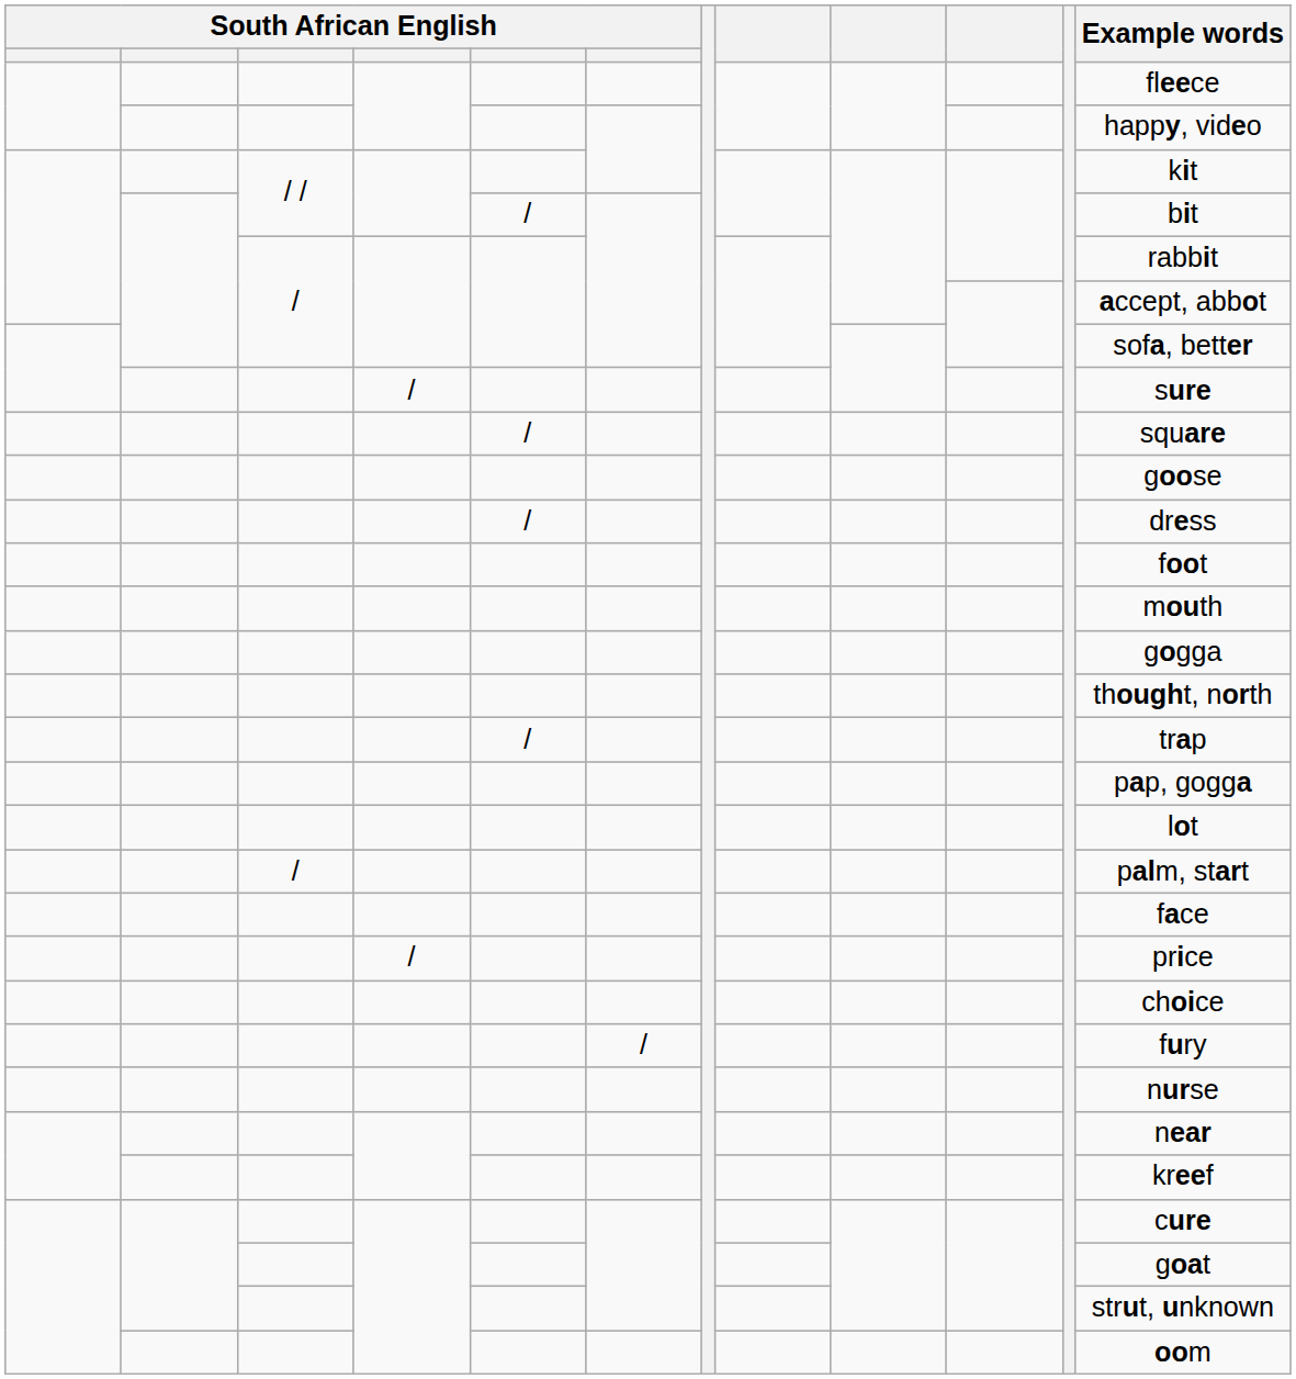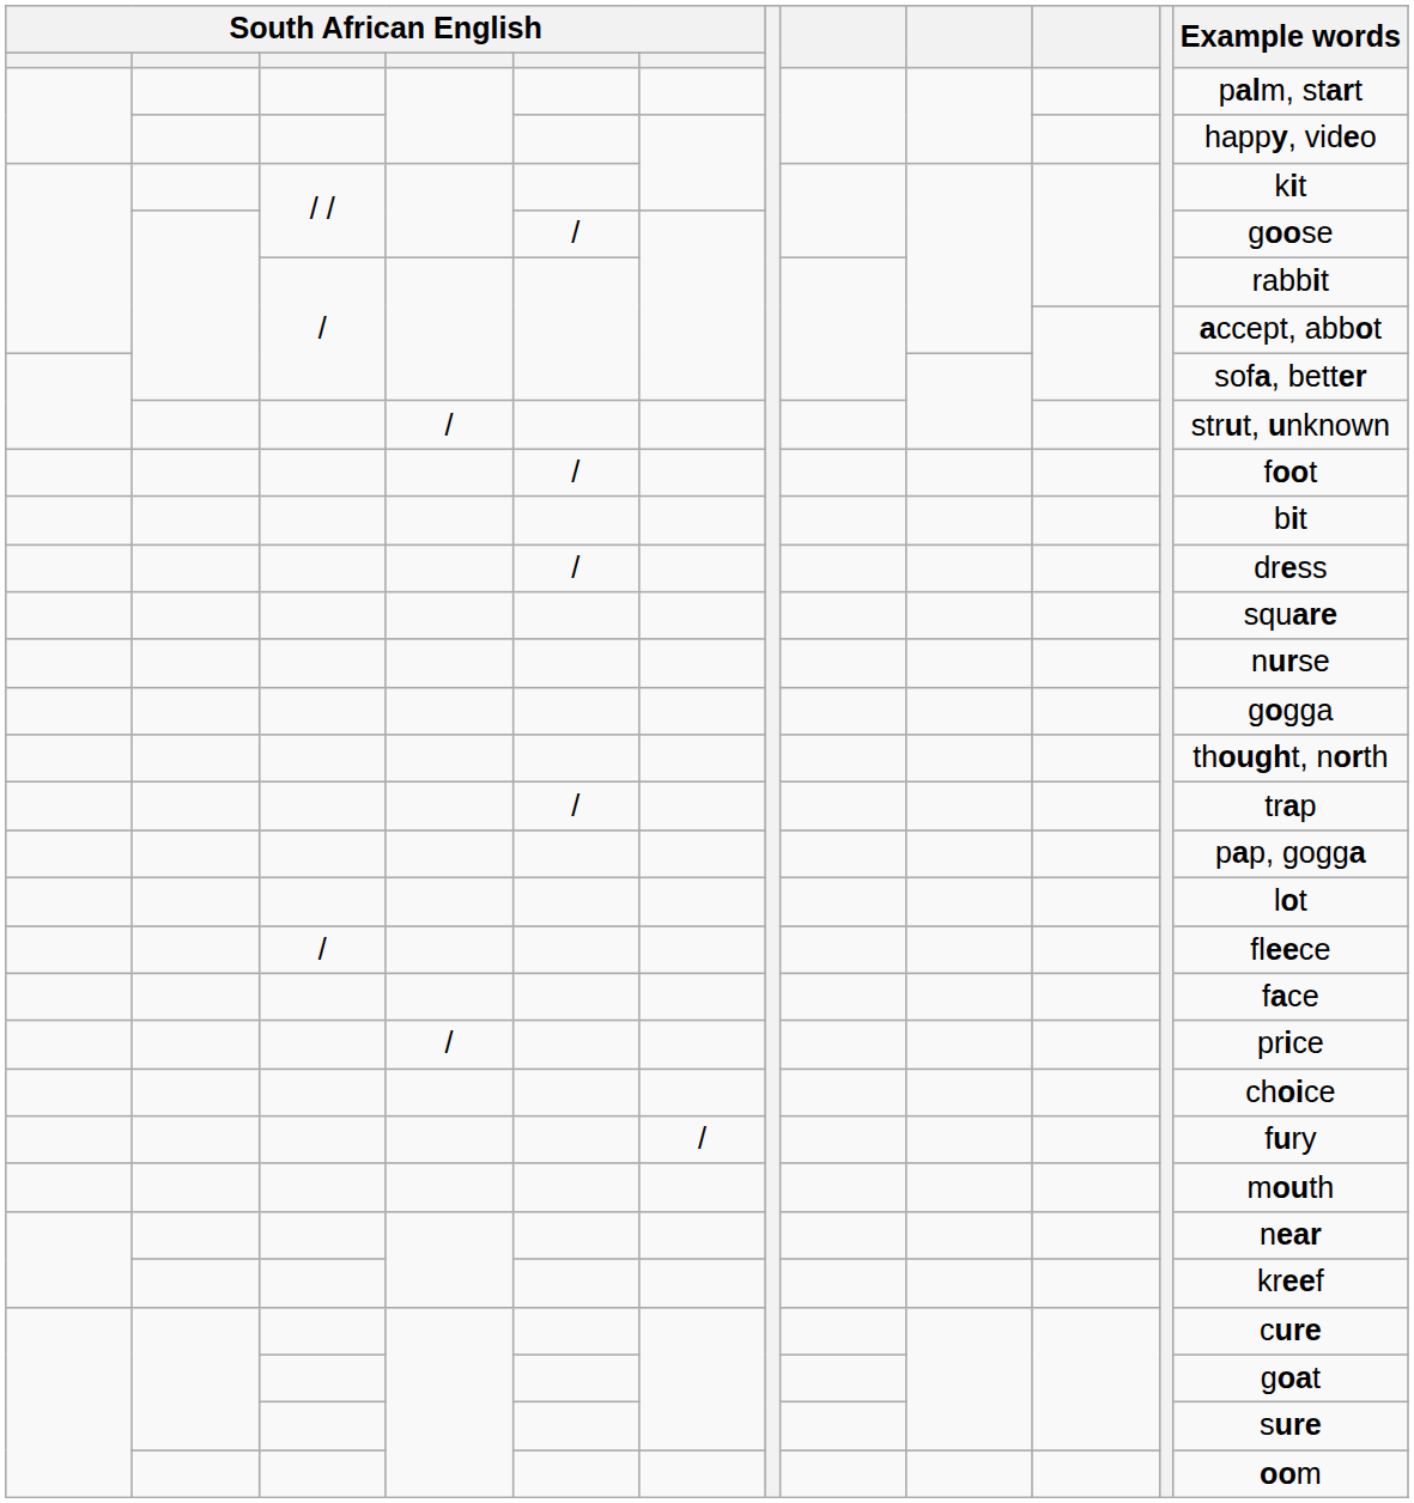 <table class="wikitable" style="text-align:center">
 <tr>
 <th colspan="6">South African English</th>
 <th rowspan="99"></th>
 <th rowspan="2" style="width:60px;"></th>
 <th rowspan="2" style="width:60px;"></th>
 <th rowspan="2" style="width:60px;"></th>
 <th rowspan="99"></th>
 <th rowspan="2">Example words</th>
 </tr>
 <tr>
 <th style="width:60px;"></th>
 <th style="width:60px;"></th>
 <th style="width:60px;"></th>
 <th style="width:60px;"></th>
 <th style="width:60px;"></th>
 <th style="width:60px;"></th>
 </tr>
 <tr>
 <td rowspan="2"></td>
 <td></td>
 <td></td>
 <td rowspan="2"></td>
 <td></td>
 <td></td>
 <td rowspan="2"></td>
 <td rowspan="2"></td>
 <td></td>
-<td>fl<strong>ee</strong>ce</td>
+<td>p<strong>al</strong>m, st<strong>ar</strong>t</td>
 </tr>
 <tr>
 <td></td>
 <td></td>
 <td></td>
 <td rowspan="2"></td>
 <td></td>
 <td>happ<strong>y</strong>, vid<strong>e</strong>o</td>
 </tr>
 <tr>
 <td rowspan="4"></td>
 <td></td>
 <td rowspan="2"> /  / </td>
 <td rowspan="2"></td>
 <td></td>
 <td rowspan="2"></td>
 <td rowspan="4"></td>
 <td rowspan="3"></td>
 <td>k<strong>i</strong>t</td>
 </tr>
 <tr>
 <td rowspan="4"></td>
 <td> / </td>
 <td rowspan="4"></td>
-<td>b<strong>i</strong>t</td>
+<td>g<strong>oo</strong>se</td>
 </tr>
 <tr>
 <td rowspan="3"> / </td>
 <td rowspan="3"></td>
 <td rowspan="3"></td>
 <td rowspan="3"></td>
 <td>rabb<strong>i</strong>t</td>
 </tr>
 <tr>
 <td rowspan="2"></td>
 <td><strong>a</strong>ccept, abb<strong>o</strong>t</td>
 </tr>
 <tr>
 <td rowspan="2"></td>
 <td rowspan="2"></td>
 <td>sof<strong>a</strong>, bett<strong>er</strong></td>
 </tr>
 <tr>
 <td></td>
 <td></td>
 <td> / </td>
 <td></td>
 <td></td>
 <td></td>
 <td></td>
-<td>s<strong>ure</strong></td>
+<td>str<strong>u</strong>t, <strong>u</strong>nknown</td>
 </tr>
 <tr>
 <td></td>
 <td></td>
 <td></td>
 <td></td>
 <td> / </td>
 <td></td>
 <td></td>
 <td></td>
 <td></td>
-<td>squ<strong>are</strong></td>
+<td>f<strong>oo</strong>t</td>
 </tr>
 <tr>
 <td></td>
 <td></td>
 <td></td>
 <td></td>
 <td></td>
 <td></td>
 <td></td>
 <td></td>
 <td></td>
-<td>g<strong>oo</strong>se</td>
+<td>b<strong>i</strong>t</td>
 </tr>
 <tr>
 <td></td>
 <td></td>
 <td></td>
 <td></td>
 <td> / </td>
 <td></td>
 <td></td>
 <td></td>
 <td></td>
 <td>dr<strong>e</strong>ss</td>
 </tr>
 <tr>
 <td></td>
 <td></td>
 <td></td>
 <td></td>
 <td></td>
 <td></td>
 <td></td>
 <td></td>
 <td></td>
-<td>f<strong>oo</strong>t</td>
+<td>squ<strong>are</strong></td>
 </tr>
 <tr>
 <td></td>
 <td></td>
 <td></td>
 <td></td>
 <td></td>
 <td></td>
 <td></td>
 <td></td>
 <td></td>
-<td>m<strong>ou</strong>th</td>
+<td>n<strong>ur</strong>se</td>
 </tr>
 <tr>
 <td></td>
 <td></td>
 <td></td>
 <td></td>
 <td></td>
 <td></td>
 <td></td>
 <td></td>
 <td></td>
 <td>g<strong>o</strong>gga</td>
 </tr>
 <tr>
 <td></td>
 <td></td>
 <td></td>
 <td></td>
 <td></td>
 <td></td>
 <td></td>
 <td></td>
 <td></td>
 <td>th<strong>ough</strong>t, n<strong>or</strong>th</td>
 </tr>
 <tr>
 <td></td>
 <td></td>
 <td></td>
 <td></td>
 <td> / </td>
 <td></td>
 <td></td>
 <td></td>
 <td></td>
 <td>tr<strong>a</strong>p</td>
 </tr>
 <tr>
 <td></td>
 <td></td>
 <td></td>
 <td></td>
 <td></td>
 <td></td>
 <td></td>
 <td></td>
 <td></td>
 <td>p<strong>a</strong>p, gogg<strong>a</strong></td>
 </tr>
 <tr>
 <td></td>
 <td></td>
 <td></td>
 <td></td>
 <td></td>
 <td></td>
 <td></td>
 <td></td>
 <td></td>
 <td>l<strong>o</strong>t</td>
 </tr>
 <tr>
 <td></td>
 <td></td>
 <td> / </td>
 <td></td>
 <td></td>
 <td></td>
 <td></td>
 <td></td>
 <td></td>
-<td>p<strong>al</strong>m, st<strong>ar</strong>t</td>
+<td>fl<strong>ee</strong>ce</td>
 </tr>
 <tr>
 <td></td>
 <td></td>
 <td></td>
 <td></td>
 <td></td>
 <td></td>
 <td></td>
 <td></td>
 <td></td>
 <td>f<strong>a</strong>ce</td>
 </tr>
 <tr>
 <td></td>
 <td></td>
 <td></td>
 <td> / </td>
 <td></td>
 <td></td>
 <td></td>
 <td></td>
 <td></td>
 <td>pr<strong>i</strong>ce</td>
 </tr>
 <tr>
 <td></td>
 <td></td>
 <td></td>
 <td></td>
 <td></td>
 <td></td>
 <td></td>
 <td></td>
 <td></td>
 <td>ch<strong>oi</strong>ce</td>
 </tr>
 <tr>
 <td></td>
 <td></td>
 <td></td>
 <td></td>
 <td></td>
 <td> / </td>
 <td></td>
 <td></td>
 <td></td>
 <td>f<strong>u</strong>ry</td>
 </tr>
 <tr>
 <td></td>
 <td></td>
 <td></td>
 <td></td>
 <td></td>
 <td></td>
 <td></td>
 <td></td>
 <td></td>
-<td>n<strong>ur</strong>se</td>
+<td>m<strong>ou</strong>th</td>
 </tr>
 <tr>
 <td rowspan="2"></td>
 <td></td>
 <td></td>
 <td rowspan="2"></td>
 <td></td>
 <td></td>
 <td></td>
 <td></td>
 <td></td>
 <td>n<strong>ear</strong></td>
 </tr>
 <tr>
 <td></td>
 <td></td>
 <td></td>
 <td></td>
 <td></td>
 <td></td>
 <td></td>
 <td>kr<strong>ee</strong>f</td>
 </tr>
 <tr>
 <td rowspan="4"></td>
 <td rowspan="3"></td>
 <td></td>
 <td rowspan="4"></td>
 <td></td>
 <td rowspan="3"></td>
 <td></td>
 <td rowspan="3"></td>
 <td rowspan="3"></td>
 <td>c<strong>ure</strong></td>
 </tr>
 <tr>
 <td></td>
 <td></td>
 <td></td>
 <td>g<strong>oa</strong>t</td>
 </tr>
 <tr>
 <td></td>
 <td></td>
 <td></td>
-<td>str<strong>u</strong>t, <strong>u</strong>nknown</td>
+<td>s<strong>ure</strong></td>
 </tr>
 <tr>
 <td></td>
 <td></td>
 <td></td>
 <td></td>
 <td></td>
 <td></td>
 <td></td>
 <td><strong>oo</strong>m</td>
 </tr>
 </table>
